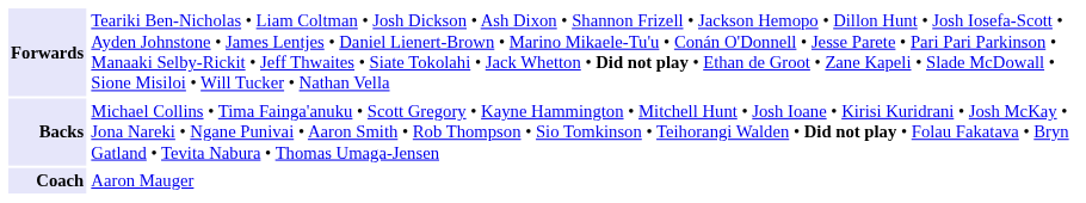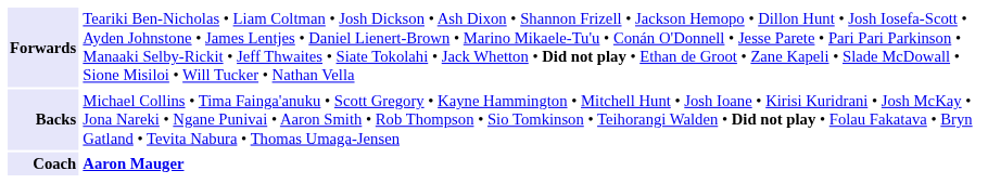 <table cellpadding="2" style="border: 1px solid white; font-size:90%;">
 <tr>
 <td style="text-align:right;" bgcolor="lavender"><strong>Forwards</strong></td>
 <td style="text-align:left;"><a href='#'>Teariki Ben-Nicholas</a> • <a href='#'>Liam Coltman</a> • <a href='#'>Josh Dickson</a> • <a href='#'>Ash Dixon</a> • <a href='#'>Shannon Frizell</a> • <a href='#'>Jackson Hemopo</a> • <a href='#'>Dillon Hunt</a> • <a href='#'>Josh Iosefa-Scott</a> • <a href='#'>Ayden Johnstone</a> • <a href='#'>James Lentjes</a> • <a href='#'>Daniel Lienert-Brown</a> • <a href='#'>Marino Mikaele-Tu'u</a> • <a href='#'>Conán O'Donnell</a> • <a href='#'>Jesse Parete</a> • <a href='#'>Pari Pari Parkinson</a> • <a href='#'>Manaaki Selby-Rickit</a> • <a href='#'>Jeff Thwaites</a> • <a href='#'>Siate Tokolahi</a> • <a href='#'>Jack Whetton</a> • <strong>Did not play</strong> • <a href='#'>Ethan de Groot</a> • <a href='#'>Zane Kapeli</a> • <a href='#'>Slade McDowall</a> • <a href='#'>Sione Misiloi</a> • <a href='#'>Will Tucker</a> • <a href='#'>Nathan Vella</a></td>
 </tr>
 <tr>
 <td style="text-align:right;" bgcolor="lavender"><strong>Backs</strong></td>
 <td style="text-align:left;"><a href='#'>Michael Collins</a> • <a href='#'>Tima Fainga'anuku</a> • <a href='#'>Scott Gregory</a> • <a href='#'>Kayne Hammington</a> • <a href='#'>Mitchell Hunt</a> • <a href='#'>Josh Ioane</a> • <a href='#'>Kirisi Kuridrani</a> • <a href='#'>Josh McKay</a> • <a href='#'>Jona Nareki</a> • <a href='#'>Ngane Punivai</a> • <a href='#'>Aaron Smith</a> • <a href='#'>Rob Thompson</a> • <a href='#'>Sio Tomkinson</a> • <a href='#'>Teihorangi Walden</a> • <strong>Did not play</strong> • <a href='#'>Folau Fakatava</a> • <a href='#'>Bryn Gatland</a> • <a href='#'>Tevita Nabura</a> • <a href='#'>Thomas Umaga-Jensen</a></td>
 </tr>
 <tr>
 <td style="text-align:right;" bgcolor="lavender"><strong>Coach</strong></td>
-<td style="text-align:left;"><a href='#'>Aaron Mauger</a></td>
+<td style="text-align:left;"><strong><a href='#'>Aaron Mauger</a></strong></td>
 </tr>
 </table>
